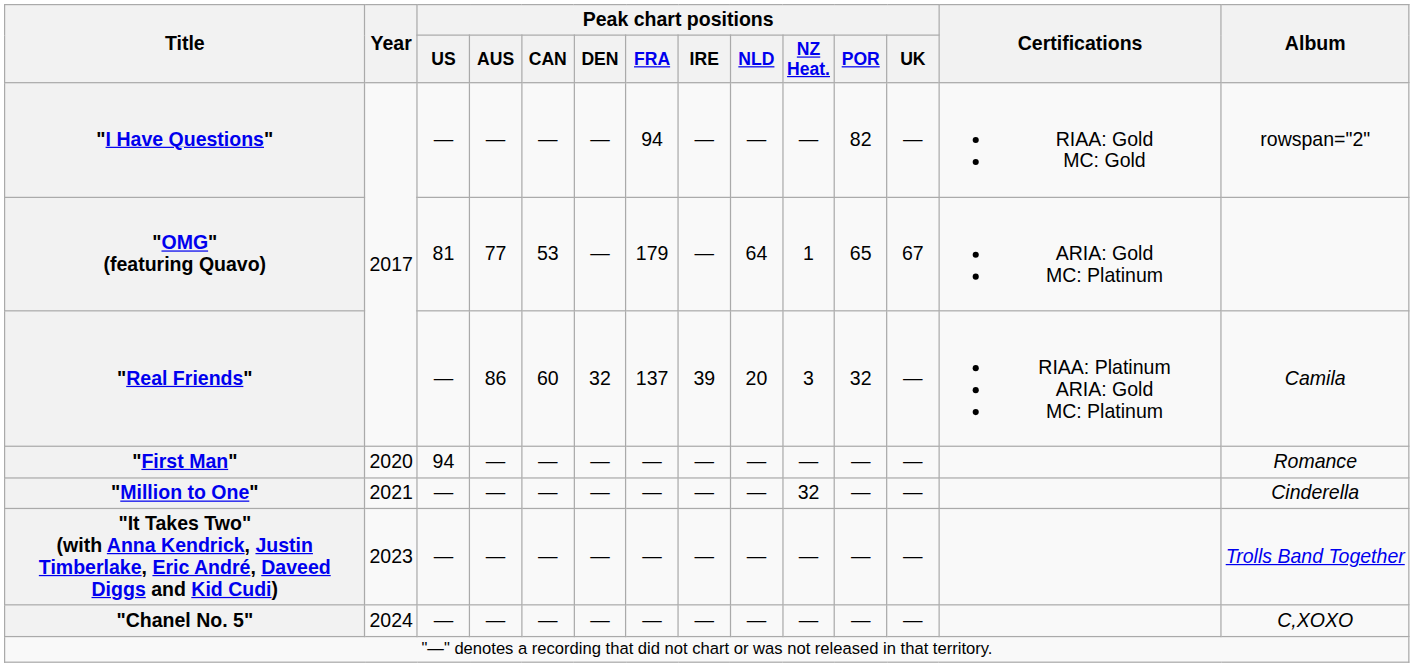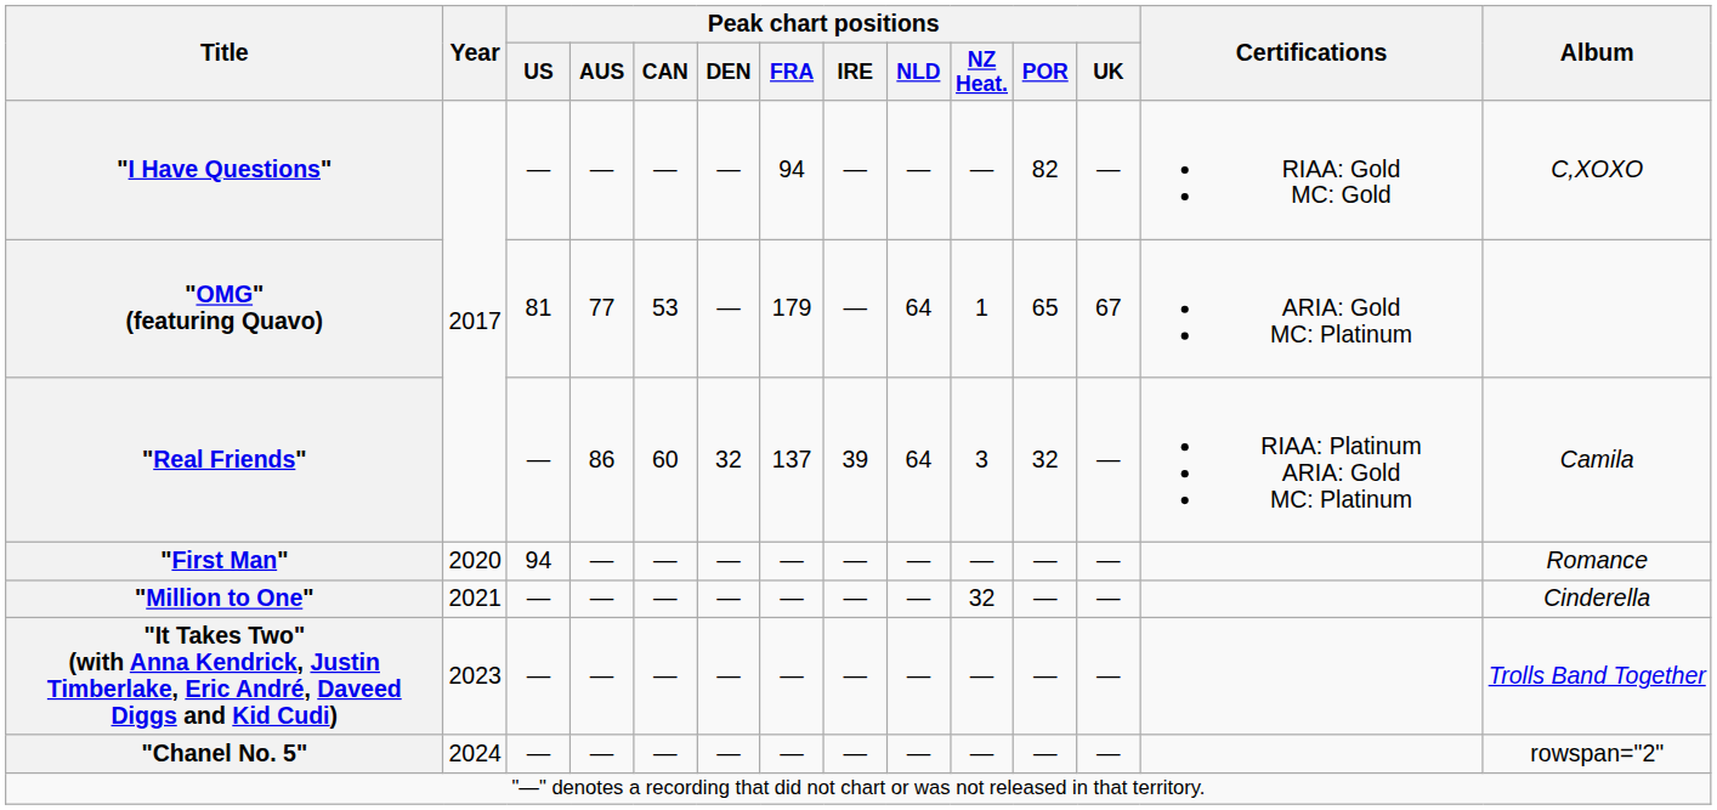 <table class="wikitable plainrowheaders" style="text-align:center;">
 <tr>
 <th scope="col" rowspan="2" style="width:18em;">Title</th>
 <th scope="col" rowspan="2">Year</th>
 <th scope="col" colspan="10">Peak chart positions</th>
 <th scope="col" rowspan="2" style="width:14em;">Certifications</th>
 <th scope="col" rowspan="2">Album</th>
 </tr>
 <tr>
 <th scope="col" style="width:2.5em;font-size:90%;">US<br></th>
 <th scope="col" style="width:2.5em;font-size:90%;">AUS<br></th>
 <th scope="col" style="width:2.5em;font-size:90%;">CAN<br></th>
 <th scope="col" style="width:2.5em;font-size:90%;">DEN<br></th>
 <th scope="col" style="width:2.5em;font-size:90%;"><a href='#'>FRA</a><br></th>
 <th scope="col" style="width:2.5em;font-size:90%;">IRE<br></th>
 <th scope="col" style="width:2.5em;font-size:90%;"><a href='#'>NLD</a><br></th>
 <th scope="col" style="width:2.5em;font-size:90%;"><a href='#'>NZ<br>Heat.</a><br></th>
 <th scope="col" style="width:2.5em;font-size:90%;"><a href='#'>POR</a><br></th>
 <th scope="col" style="width:2.5em;font-size:90%;">UK<br></th>
 </tr>
 <tr>
 <th scope="row">"<a href='#'>I Have Questions</a>"</th>
 <td rowspan="3">2017</td>
 <td>—</td>
 <td>—</td>
 <td>—</td>
 <td>—</td>
 <td>94</td>
 <td>—</td>
 <td>—</td>
 <td>—</td>
 <td>82</td>
 <td>—</td>
 <td><br><ul><li>RIAA: Gold</li><li>MC: Gold</li></ul></td>
-<td>rowspan="2" </td>
+<td><em>C,XOXO</em></td>
 </tr>
 <tr>
 <th scope="row">"<a href='#'>OMG</a>"<br><span>(featuring Quavo)</span></th>
 <td>81</td>
 <td>77</td>
 <td>53</td>
 <td>—</td>
 <td>179</td>
 <td>—</td>
 <td>64</td>
 <td>1</td>
 <td>65</td>
 <td>67</td>
 <td><br><ul><li>ARIA: Gold</li><li>MC: Platinum</li></ul></td>
 </tr>
 <tr>
 <th scope="row">"<a href='#'>Real Friends</a>"</th>
 <td>—</td>
 <td>86</td>
 <td>60</td>
 <td>32</td>
 <td>137</td>
 <td>39</td>
-<td>20</td>
+<td>64</td>
 <td>3</td>
 <td>32</td>
 <td>—</td>
 <td><br><ul><li>RIAA: Platinum</li><li>ARIA: Gold</li><li>MC: Platinum</li></ul></td>
 <td><em>Camila</em></td>
 </tr>
 <tr>
 <th scope="row">"<a href='#'>First Man</a>"</th>
 <td>2020</td>
 <td>94</td>
 <td>—</td>
 <td>—</td>
 <td>—</td>
 <td>—</td>
 <td>—</td>
 <td>—</td>
 <td>—</td>
 <td>—</td>
 <td>—</td>
 <td></td>
 <td><em>Romance</em></td>
 </tr>
 <tr>
 <th scope="row">"<a href='#'>Million to One</a>"</th>
 <td>2021</td>
 <td>—</td>
 <td>—</td>
 <td>—</td>
 <td>—</td>
 <td>—</td>
 <td>—</td>
 <td>—</td>
 <td>32</td>
 <td>—</td>
 <td>—</td>
 <td></td>
 <td><em>Cinderella</em></td>
 </tr>
 <tr>
 <th scope="row">"It Takes Two"<br><span>(with <a href='#'>Anna Kendrick</a>, <a href='#'>Justin Timberlake</a>, <a href='#'>Eric André</a>, <a href='#'>Daveed Diggs</a> and <a href='#'>Kid Cudi</a>)</span></th>
 <td>2023</td>
 <td>—</td>
 <td>—</td>
 <td>—</td>
 <td>—</td>
 <td>—</td>
 <td>—</td>
 <td>—</td>
 <td>—</td>
 <td>—</td>
 <td>—</td>
 <td></td>
 <td><em><a href='#'>Trolls Band Together</a></em></td>
 </tr>
 <tr>
 <th scope="row">"Chanel No. 5"</th>
 <td>2024</td>
 <td>—</td>
 <td>—</td>
 <td>—</td>
 <td>—</td>
 <td>—</td>
 <td>—</td>
 <td>—</td>
 <td>—</td>
 <td>—</td>
 <td>—</td>
 <td></td>
-<td><em>C,XOXO</em></td>
+<td>rowspan="2" </td>
 </tr>
 <tr>
 <td colspan="15" style="font-size:85%;">"—" denotes a recording that did not chart or was not released in that territory.</td>
 </tr>
 </table>
